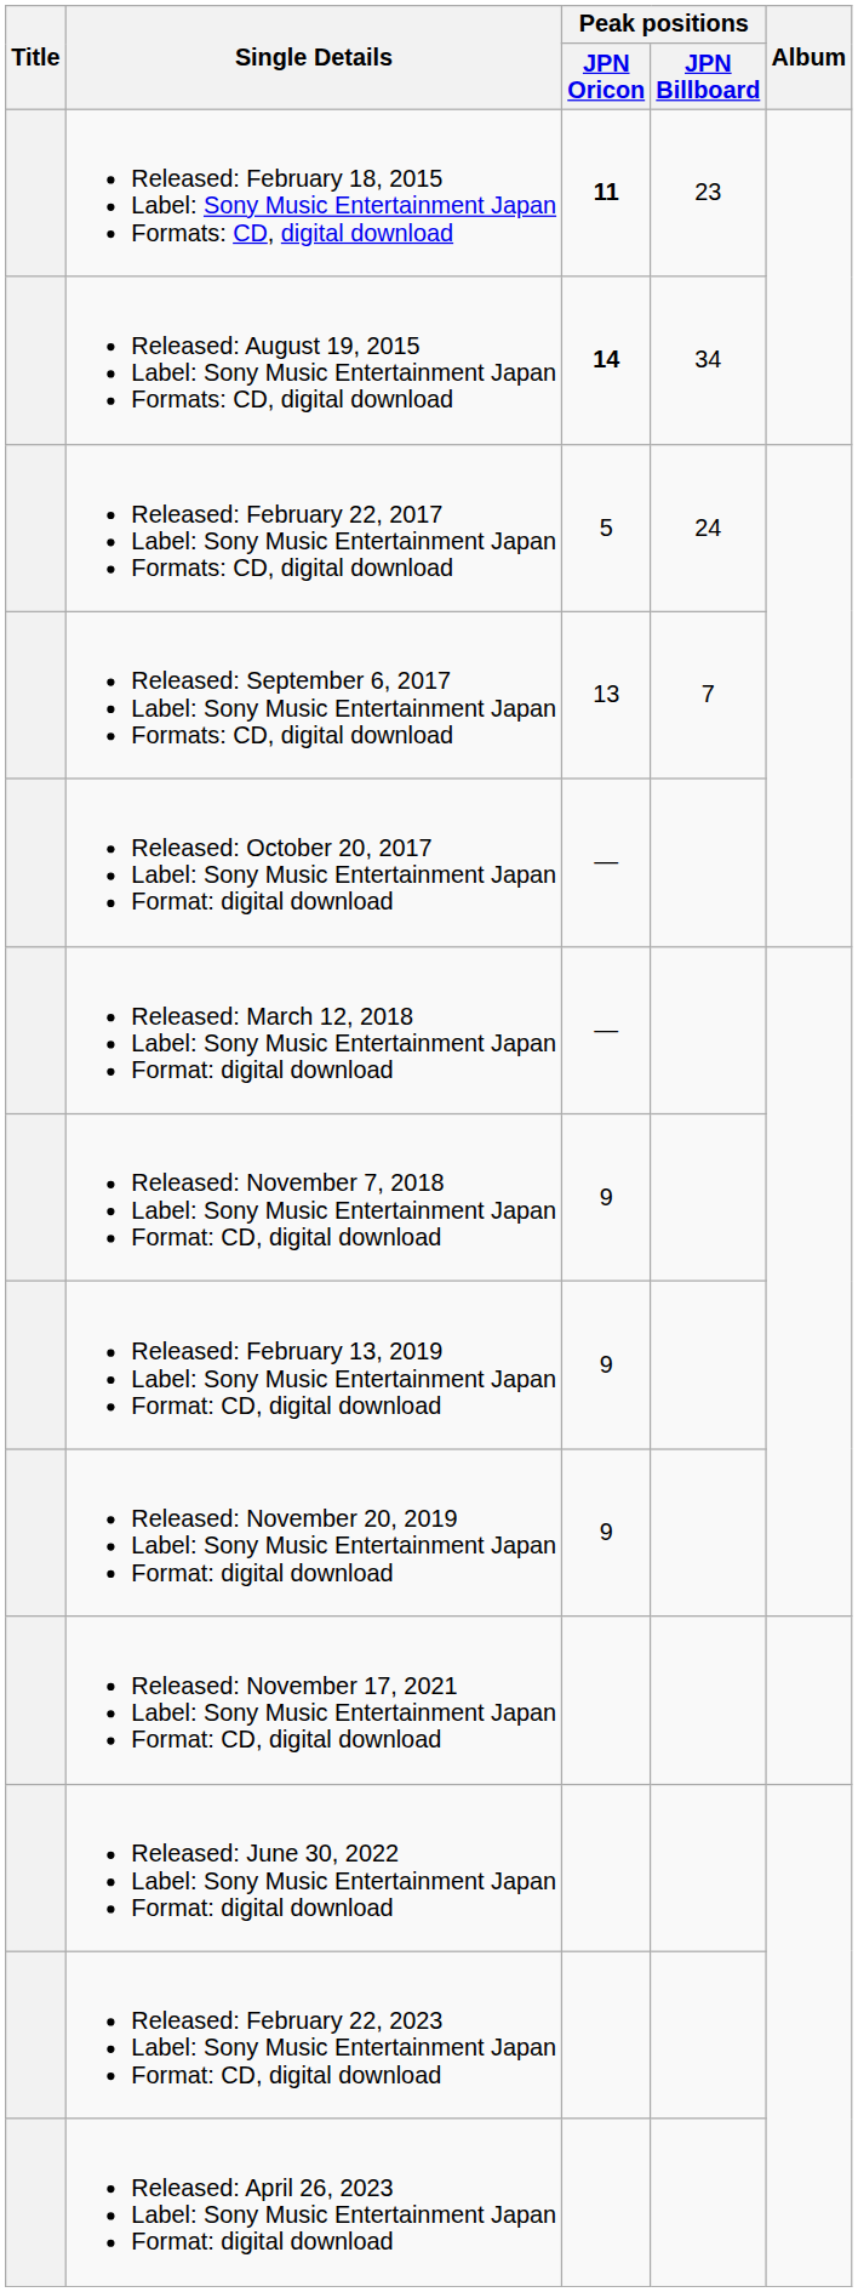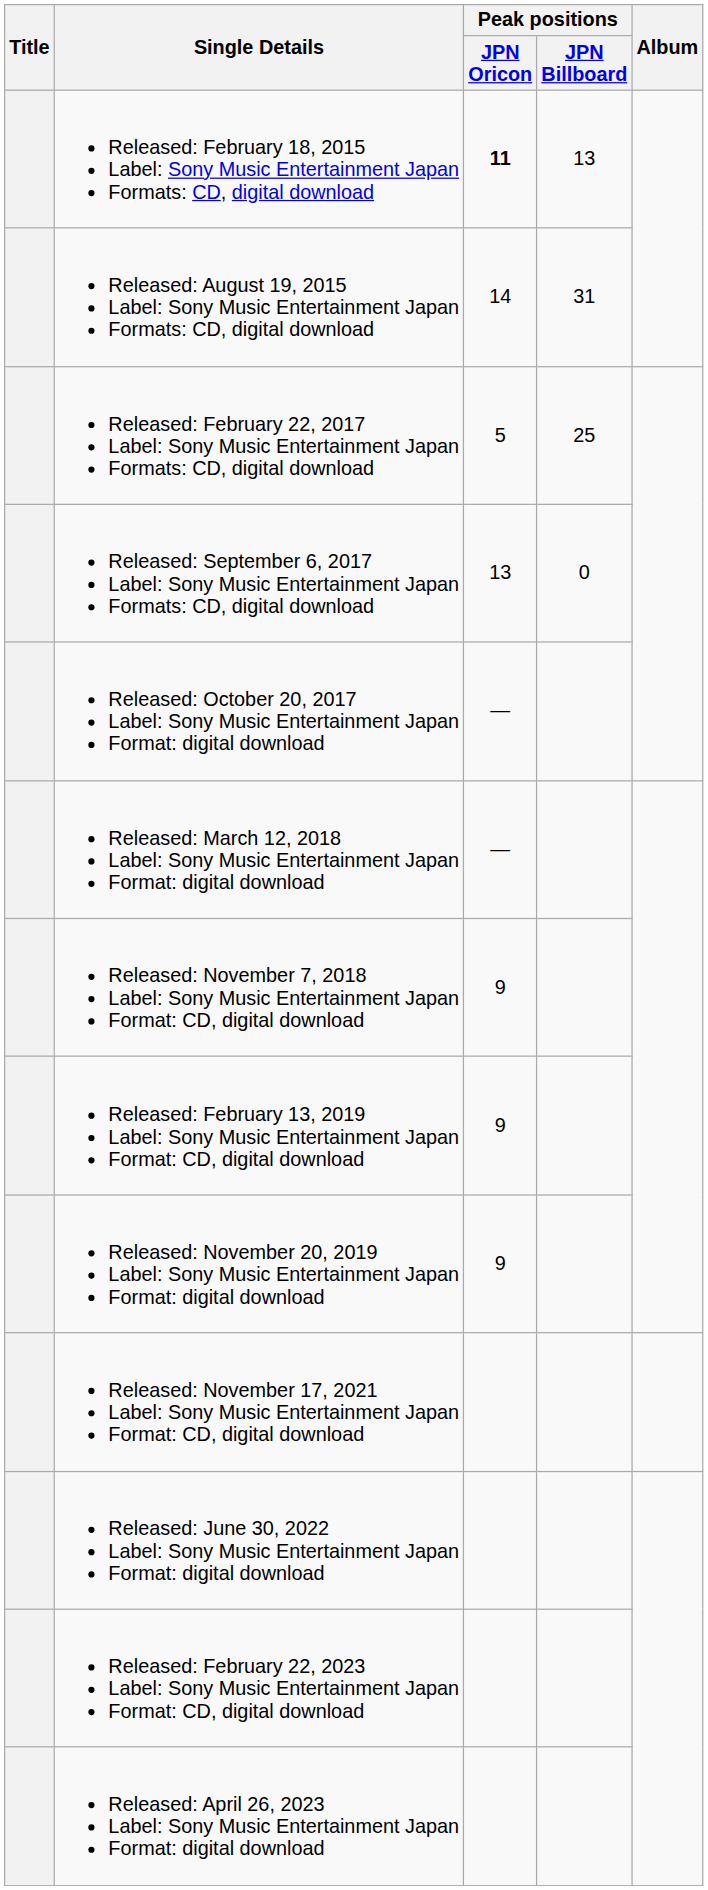 <table class="wikitable plainrowheaders">
 <tr>
 <th scope="col" rowspan="2">Title</th>
 <th rowspan="2">Single Details</th>
 <th scope="col" colspan="2">Peak positions</th>
 <th scope="col" rowspan="2">Album</th>
 </tr>
 <tr>
 <th style="width:50px;" scope="col"><a href='#'>JPN <br>Oricon</a><br></th>
 <th style="width:50px;" scope="col"><a href='#'>JPN <br>Billboard</a></th>
 </tr>
 <tr>
 <th scope="row"></th>
 <td><br><ul><li>Released: February 18, 2015</li><li>Label: <a href='#'>Sony Music Entertainment Japan</a></li><li>Formats: <a href='#'>CD</a>, <a href='#'>digital download</a></li></ul></td>
 <td align="center"><strong>11</strong></td>
-<td align="center">23</td>
+<td align="center">13</td>
 <td align="center" rowspan="2"></td>
 </tr>
 <tr>
 <th scope="row"></th>
 <td><br><ul><li>Released: August 19, 2015</li><li>Label: Sony Music Entertainment Japan</li><li>Formats: CD, digital download</li></ul></td>
-<td align="center"><strong>14</strong></td>
-<td align="center">34</td>
+<td align="center">14</td>
+<td align="center">31</td>
 </tr>
 <tr>
 <th scope="row"></th>
 <td><br><ul><li>Released: February 22, 2017</li><li>Label: Sony Music Entertainment Japan</li><li>Formats: CD, digital download</li></ul></td>
 <td align="center">5</td>
-<td align="center">24</td>
+<td align="center">25</td>
 <td rowspan="3" align="center"></td>
 </tr>
 <tr>
 <th scope="row"></th>
 <td><br><ul><li>Released: September 6, 2017</li><li>Label: Sony Music Entertainment Japan</li><li>Formats: CD, digital download</li></ul></td>
 <td align="center">13</td>
-<td align="center">7</td>
+<td align="center">0</td>
 </tr>
 <tr>
 <th scope="row"></th>
 <td><br><ul><li>Released: October 20, 2017</li><li>Label: Sony Music Entertainment Japan</li><li>Format: digital download</li></ul></td>
 <td align="center">—</td>
 <td></td>
 </tr>
 <tr>
 <th scope="row"></th>
 <td><br><ul><li>Released: March 12, 2018</li><li>Label: Sony Music Entertainment Japan</li><li>Format: digital download</li></ul></td>
 <td align="center">—</td>
 <td></td>
 <td align="center" rowspan="4"></td>
 </tr>
 <tr>
 <th scope ="row"></th>
 <td><br><ul><li>Released: November 7, 2018</li><li>Label: Sony Music Entertainment Japan</li><li>Format: CD, digital download</li></ul></td>
 <td align="center">9</td>
 <td></td>
 </tr>
 <tr>
 <th scope="row"></th>
 <td><br><ul><li>Released: February 13, 2019</li><li>Label: Sony Music Entertainment Japan</li><li>Format: CD, digital download</li></ul></td>
 <td align="center">9</td>
 <td></td>
 </tr>
 <tr>
 <th scope="row"></th>
 <td><br><ul><li>Released: November 20, 2019</li><li>Label: Sony Music Entertainment Japan</li><li>Format: digital download</li></ul></td>
 <td align="center">9</td>
 <td></td>
 </tr>
 <tr>
 <th scope="row"></th>
 <td><br><ul><li>Released: November 17, 2021</li><li>Label: Sony Music Entertainment Japan</li><li>Format: CD, digital download</li></ul></td>
 <td align="center"></td>
 <td></td>
 <td align="center" rowspan="1"></td>
 </tr>
 <tr>
 <th scope="row"></th>
 <td><br><ul><li>Released: June 30, 2022</li><li>Label: Sony Music Entertainment Japan</li><li>Format: digital download</li></ul></td>
 <td align="center"></td>
 <td></td>
 <td align="center" rowspan="3"></td>
 </tr>
 <tr>
 <th scope="row"></th>
 <td><br><ul><li>Released: February 22, 2023</li><li>Label: Sony Music Entertainment Japan</li><li>Format: CD, digital download</li></ul></td>
 <td align="center"></td>
 <td></td>
 </tr>
 <tr>
 <th scope="row"></th>
 <td><br><ul><li>Released: April 26, 2023</li><li>Label: Sony Music Entertainment Japan</li><li>Format: digital download</li></ul></td>
 <td align="center"></td>
 <td></td>
 </tr>
 </table>
